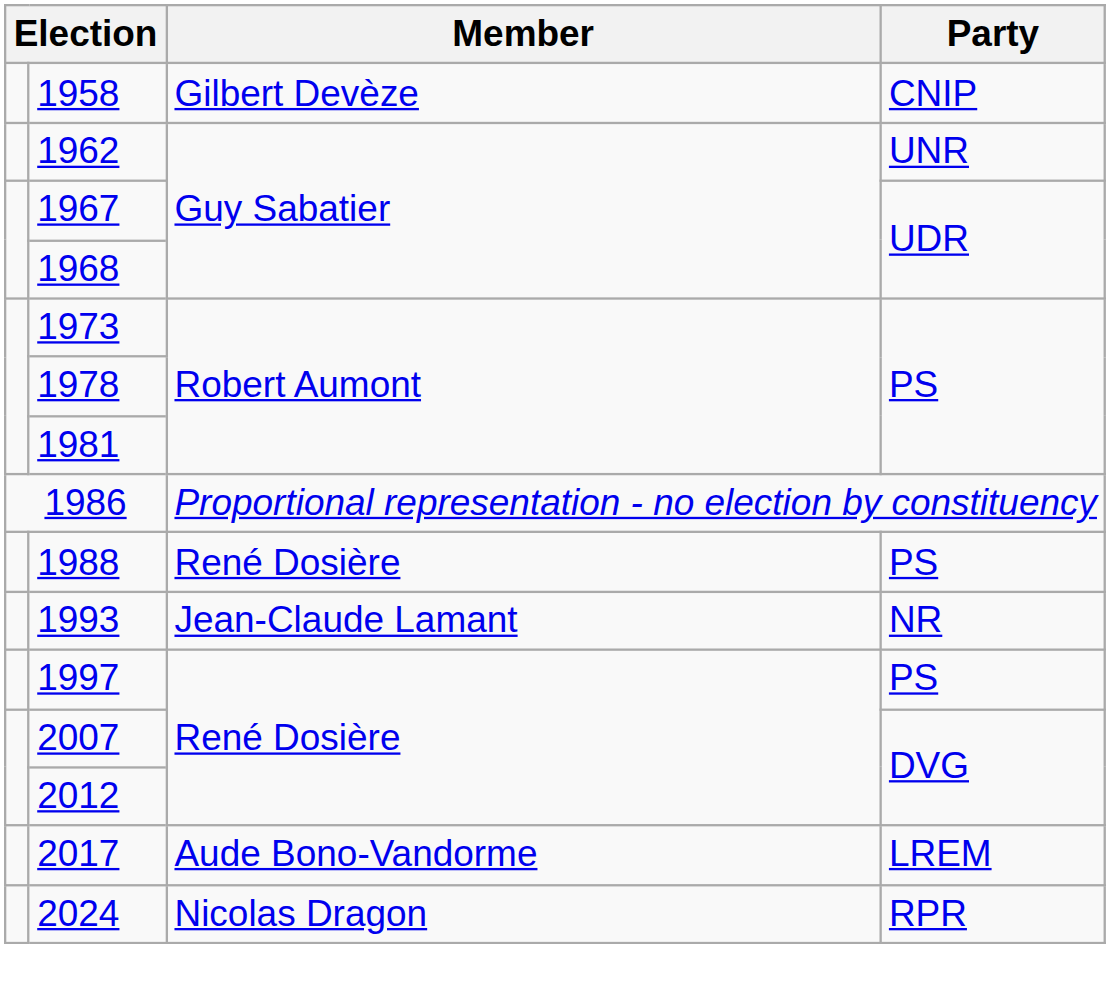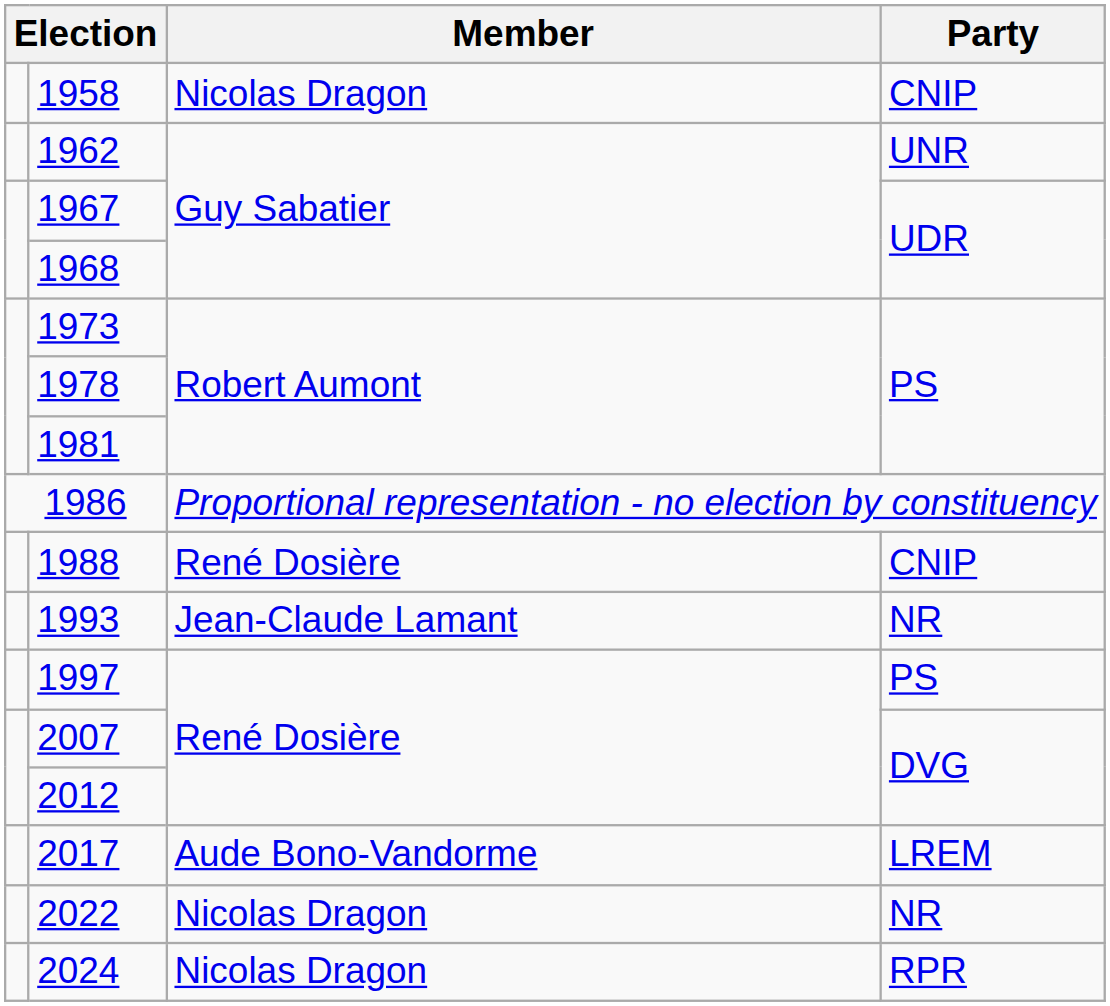 <table class="wikitable">
 <tr>
 <th colspan="2">Election</th>
 <th>Member</th>
 <th>Party</th>
 </tr>
 <tr>
 <td style="color:inherit;background-color: "></td>
 <td><a href='#'>1958</a></td>
-<td><a href='#'>Gilbert Devèze</a></td>
+<td><a href='#'>Nicolas Dragon</a></td>
 <td><a href='#'>CNIP</a></td>
 </tr>
 <tr>
 <td style="color:inherit;background-color: "></td>
 <td><a href='#'>1962</a></td>
 <td rowspan="3"><a href='#'>Guy Sabatier</a></td>
 <td><a href='#'>UNR</a></td>
 </tr>
 <tr>
 <td rowspan="2" style="background-color: "></td>
 <td><a href='#'>1967</a></td>
 <td rowspan="2"><a href='#'>UDR</a></td>
 </tr>
 <tr>
 <td><a href='#'>1968</a></td>
 </tr>
 <tr>
 <td rowspan="3" style="background-color: "></td>
 <td><a href='#'>1973</a></td>
 <td rowspan="3"><a href='#'>Robert Aumont</a></td>
 <td rowspan="3"><a href='#'>PS</a></td>
 </tr>
 <tr>
 <td><a href='#'>1978</a></td>
 </tr>
 <tr>
 <td><a href='#'>1981</a></td>
 </tr>
 <tr>
 <td colspan="2" align="center"><a href='#'>1986</a></td>
 <td colspan="2"><em><a href='#'>Proportional representation - no election by constituency</a></em></td>
 </tr>
 <tr>
 <td style="color:inherit;background-color: "></td>
 <td><a href='#'>1988</a></td>
 <td><a href='#'>René Dosière</a></td>
-<td><a href='#'>PS</a></td>
+<td><a href='#'>CNIP</a></td>
 </tr>
 <tr>
 <td style="color:inherit;background-color: "></td>
 <td><a href='#'>1993</a></td>
 <td><a href='#'>Jean-Claude Lamant</a></td>
 <td><a href='#'>NR</a></td>
 </tr>
 <tr>
 <td style="color:inherit;background-color: "></td>
 <td><a href='#'>1997</a></td>
 <td rowspan="3"><a href='#'>René Dosière</a></td>
 <td><a href='#'>PS</a></td>
 </tr>
 <tr>
 <td rowspan="2" style="background-color: "></td>
 <td><a href='#'>2007</a></td>
 <td rowspan="2"><a href='#'>DVG</a></td>
 </tr>
 <tr>
 <td><a href='#'>2012</a></td>
 </tr>
 <tr>
 <td style="color:inherit;background-color: "></td>
 <td><a href='#'>2017</a></td>
 <td><a href='#'>Aude Bono-Vandorme</a></td>
 <td><a href='#'>LREM</a></td>
 </tr>
 <tr>
 <td style="color:inherit;background-color: "></td>
+<td><a href='#'>2022</a></td>
+<td><a href='#'>Nicolas Dragon</a></td>
+<td><a href='#'>NR</a></td>
+</tr>
+<tr>
+<td style="color:inherit;background-color: "></td>
 <td><a href='#'>2024</a></td>
 <td><a href='#'>Nicolas Dragon</a></td>
 <td><a href='#'>RPR</a></td>
 </tr>
 </table>
